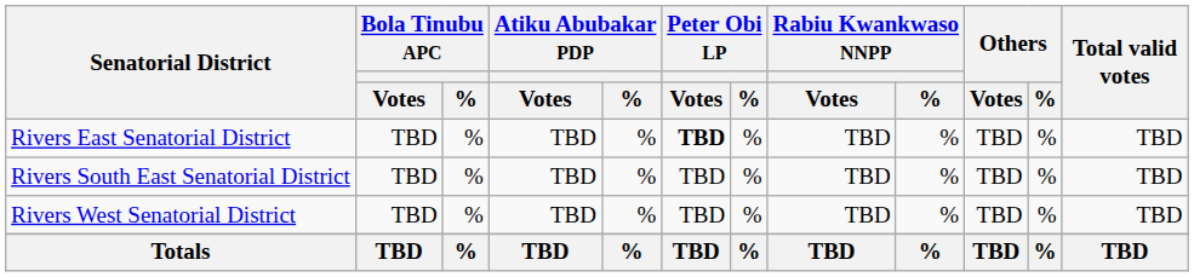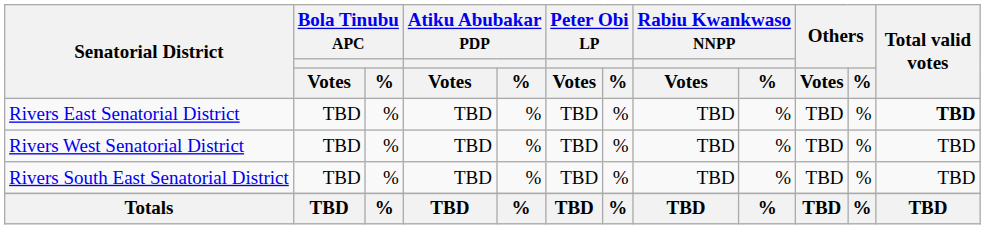 <table class="wikitable sortable" style="text-align:right; font-size:90%">
 <tr>
 <th rowspan="3" style="max-width:7.5em;">Senatorial District</th>
 <th colspan="2"><a href='#'>Bola Tinubu</a><br><small>APC</small></th>
 <th colspan="2"><a href='#'>Atiku Abubakar</a><br><small>PDP</small></th>
 <th colspan="2"><a href='#'>Peter Obi</a><br><small>LP</small></th>
 <th colspan="2"><a href='#'>Rabiu Kwankwaso</a><br><small>NNPP</small></th>
 <th colspan="2" rowspan="2">Others</th>
 <th rowspan="3" style="max-width:5em;">Total valid votes</th>
 </tr>
 <tr>
 <th colspan=2 style="background-color:"></th>
 <th colspan=2 style="background-color:"></th>
 <th colspan=2 style="background-color:"></th>
 <th colspan=2 style="background-color:"></th>
 </tr>
 <tr>
 <th>Votes</th>
 <th>%</th>
 <th>Votes</th>
 <th>%</th>
 <th>Votes</th>
 <th>%</th>
 <th>Votes</th>
 <th>%</th>
 <th>Votes</th>
 <th>%</th>
 </tr>
 <tr style="background-color:#">
 <td style="text-align:left;"><a href='#'>Rivers East Senatorial District</a></td>
 <td>TBD</td>
 <td>%</td>
 <td>TBD</td>
 <td>%</td>
-<td><strong>TBD</strong></td>
+<td>TBD</td>
 <td>%</td>
 <td>TBD</td>
 <td>%</td>
 <td>TBD</td>
 <td>%</td>
-<td>TBD</td>
+<td><strong>TBD</strong></td>
 </tr>
 <tr style="background-color:#">
-<td style="text-align:left;"><a href='#'>Rivers South East Senatorial District</a></td>
+<td style="text-align:left;"><a href='#'>Rivers West Senatorial District</a></td>
 <td>TBD</td>
 <td>%</td>
 <td>TBD</td>
 <td>%</td>
 <td>TBD</td>
 <td>%</td>
 <td>TBD</td>
 <td>%</td>
 <td>TBD</td>
 <td>%</td>
 <td>TBD</td>
 </tr>
 <tr style="background-color:#">
-<td style="text-align:left;"><a href='#'>Rivers West Senatorial District</a></td>
+<td style="text-align:left;"><a href='#'>Rivers South East Senatorial District</a></td>
 <td>TBD</td>
 <td>%</td>
 <td>TBD</td>
 <td>%</td>
 <td>TBD</td>
 <td>%</td>
 <td>TBD</td>
 <td>%</td>
 <td>TBD</td>
 <td>%</td>
 <td>TBD</td>
 </tr>
 <tr>
 </tr>
 <tr>
 <th>Totals</th>
 <th>TBD</th>
 <th>%</th>
 <th>TBD</th>
 <th>%</th>
 <th>TBD</th>
 <th>%</th>
 <th>TBD</th>
 <th>%</th>
 <th>TBD</th>
 <th>%</th>
 <th>TBD</th>
 </tr>
 </table>
